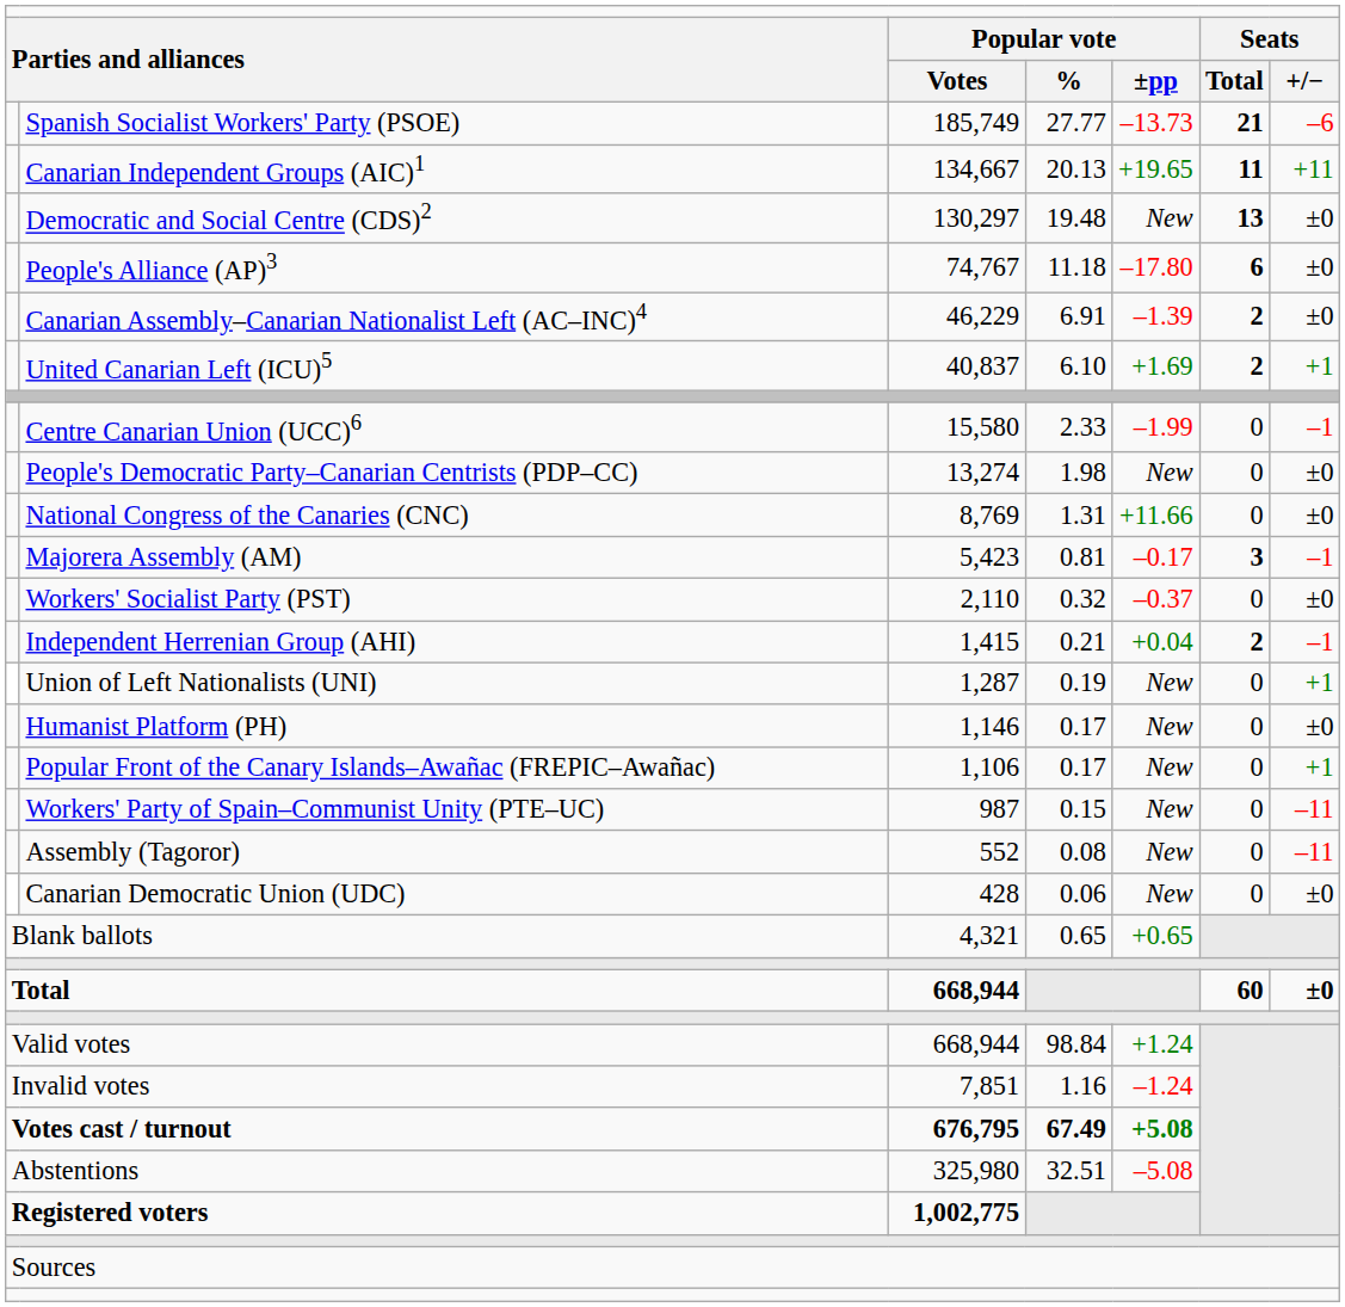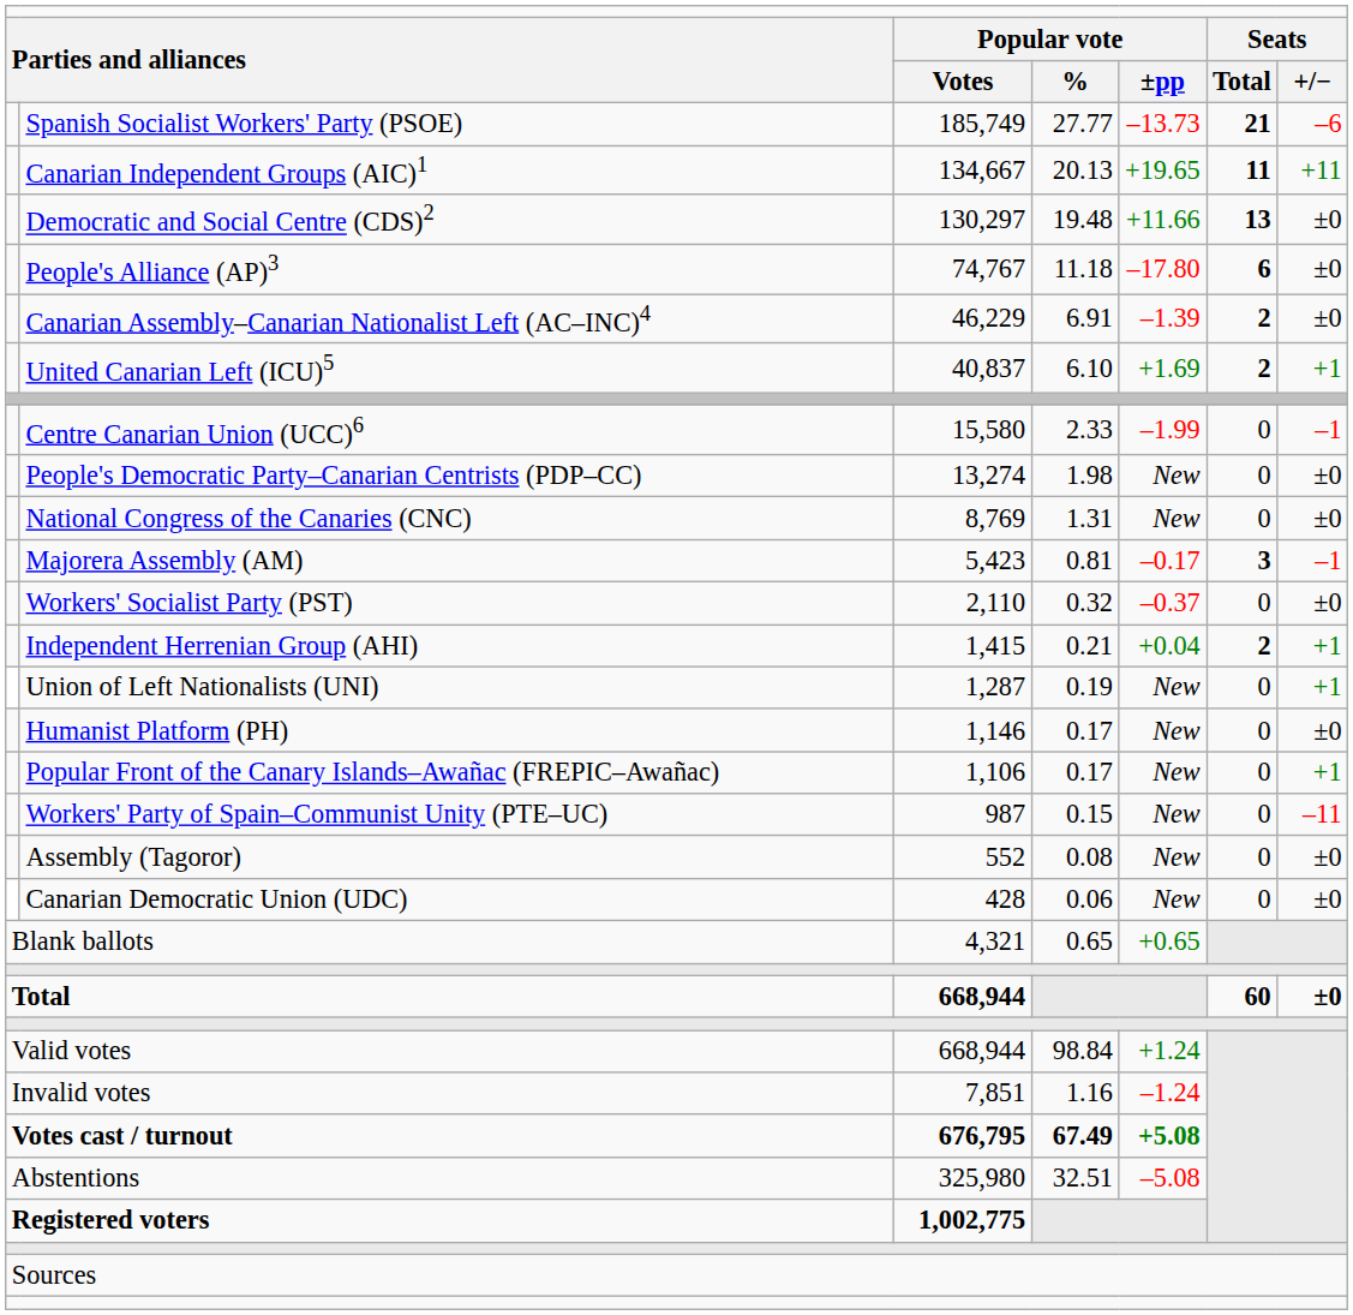 <table class="wikitable" style="text-align:right;">
 <tr>
 <td colspan="7"></td>
 </tr>
 <tr>
 <th style="text-align:left;" rowspan="2" colspan="2" width="525">Parties and alliances</th>
 <th colspan="3">Popular vote</th>
 <th colspan="2">Seats</th>
 </tr>
 <tr>
 <th width="75">Votes</th>
 <th width="45">%</th>
 <th width="45">±<a href='#'>pp</a></th>
 <th width="35">Total</th>
 <th width="35">+/−</th>
 </tr>
 <tr>
 <td width="1" style="color:inherit;background:"></td>
 <td align="left"><a href='#'>Spanish Socialist Workers' Party</a> (PSOE)</td>
 <td>185,749</td>
 <td>27.77</td>
 <td style="color:red;">–13.73</td>
 <td><strong>21</strong></td>
 <td style="color:red;">–6</td>
 </tr>
 <tr>
 <td style="color:inherit;background:"></td>
 <td align="left"><a href='#'>Canarian Independent Groups</a> (AIC)<sup>1</sup></td>
 <td>134,667</td>
 <td>20.13</td>
 <td style="color:green;">+19.65</td>
 <td><strong>11</strong></td>
 <td style="color:green;">+11</td>
 </tr>
 <tr>
 <td style="color:inherit;background:"></td>
 <td align="left"><a href='#'>Democratic and Social Centre</a> (CDS)<sup>2</sup></td>
 <td>130,297</td>
 <td>19.48</td>
-<td><em>New</em></td>
+<td style="color:green;">+11.66</td>
 <td><strong>13</strong></td>
 <td>±0</td>
 </tr>
 <tr>
 <td style="color:inherit;background:"></td>
 <td align="left"><a href='#'>People's Alliance</a> (AP)<sup>3</sup></td>
 <td>74,767</td>
 <td>11.18</td>
 <td style="color:red;">–17.80</td>
 <td><strong>6</strong></td>
 <td>±0</td>
 </tr>
 <tr>
 <td style="color:inherit;background:"></td>
 <td align="left"><a href='#'>Canarian Assembly</a>–<a href='#'>Canarian Nationalist Left</a> (AC–INC)<sup>4</sup></td>
 <td>46,229</td>
 <td>6.91</td>
 <td style="color:red;">–1.39</td>
 <td><strong>2</strong></td>
 <td>±0</td>
 </tr>
 <tr>
 <td style="color:inherit;background:"></td>
 <td align="left"><a href='#'>United Canarian Left</a> (ICU)<sup>5</sup></td>
 <td>40,837</td>
 <td>6.10</td>
 <td style="color:green;">+1.69</td>
 <td><strong>2</strong></td>
 <td style="color:green;">+1</td>
 </tr>
 <tr>
 <td colspan="7" bgcolor="#C0C0C0"></td>
 </tr>
 <tr>
 <td style="color:inherit;background:"></td>
 <td align="left"><a href='#'>Centre Canarian Union</a> (UCC)<sup>6</sup></td>
 <td>15,580</td>
 <td>2.33</td>
 <td style="color:red;">–1.99</td>
 <td>0</td>
 <td style="color:red;">–1</td>
 </tr>
 <tr>
 <td style="color:inherit;background:"></td>
 <td align="left"><a href='#'>People's Democratic Party–Canarian Centrists</a> (PDP–CC)</td>
 <td>13,274</td>
 <td>1.98</td>
 <td><em>New</em></td>
 <td>0</td>
 <td>±0</td>
 </tr>
 <tr>
 <td style="color:inherit;background:"></td>
 <td align="left"><a href='#'>National Congress of the Canaries</a> (CNC)</td>
 <td>8,769</td>
 <td>1.31</td>
-<td style="color:green;">+11.66</td>
+<td><em>New</em></td>
 <td>0</td>
 <td>±0</td>
 </tr>
 <tr>
 <td style="color:inherit;background:"></td>
 <td align="left"><a href='#'>Majorera Assembly</a> (AM)</td>
 <td>5,423</td>
 <td>0.81</td>
 <td style="color:red;">–0.17</td>
 <td><strong>3</strong></td>
 <td style="color:red;">–1</td>
 </tr>
 <tr>
 <td style="color:inherit;background:"></td>
 <td align="left"><a href='#'>Workers' Socialist Party</a> (PST)</td>
 <td>2,110</td>
 <td>0.32</td>
 <td style="color:red;">–0.37</td>
 <td>0</td>
 <td>±0</td>
 </tr>
 <tr>
 <td style="color:inherit;background:"></td>
 <td align="left"><a href='#'>Independent Herrenian Group</a> (AHI)</td>
 <td>1,415</td>
 <td>0.21</td>
 <td style="color:green;">+0.04</td>
 <td><strong>2</strong></td>
-<td style="color:red;">–1</td>
+<td style="color:green;">+1</td>
 </tr>
 <tr>
 <td bgcolor="white"></td>
 <td align="left">Union of Left Nationalists (UNI)</td>
 <td>1,287</td>
 <td>0.19</td>
 <td><em>New</em></td>
 <td>0</td>
 <td style="color:green;">+1</td>
 </tr>
 <tr>
 <td style="color:inherit;background:"></td>
 <td align="left"><a href='#'>Humanist Platform</a> (PH)</td>
 <td>1,146</td>
 <td>0.17</td>
 <td><em>New</em></td>
 <td>0</td>
 <td>±0</td>
 </tr>
 <tr>
 <td style="color:inherit;background:"></td>
 <td align="left"><a href='#'>Popular Front of the Canary Islands–Awañac</a> (FREPIC–Awañac)</td>
 <td>1,106</td>
 <td>0.17</td>
 <td><em>New</em></td>
 <td>0</td>
 <td style="color:green;">+1</td>
 </tr>
 <tr>
 <td style="color:inherit;background:"></td>
 <td align="left"><a href='#'>Workers' Party of Spain–Communist Unity</a> (PTE–UC)</td>
 <td>987</td>
 <td>0.15</td>
 <td><em>New</em></td>
 <td>0</td>
 <td style="color:red;">–11</td>
 </tr>
 <tr>
 <td style="color:inherit;background:"></td>
 <td align="left">Assembly (Tagoror)</td>
 <td>552</td>
 <td>0.08</td>
 <td><em>New</em></td>
 <td>0</td>
-<td style="color:red;">–11</td>
+<td>±0</td>
 </tr>
 <tr>
 <td bgcolor="white"></td>
 <td align="left">Canarian Democratic Union (UDC)</td>
 <td>428</td>
 <td>0.06</td>
 <td><em>New</em></td>
 <td>0</td>
 <td>±0</td>
 </tr>
 <tr>
 <td align="left" colspan="2">Blank ballots</td>
 <td>4,321</td>
 <td>0.65</td>
 <td style="color:green;">+0.65</td>
 <td bgcolor="#E9E9E9" colspan="2"></td>
 </tr>
 <tr>
 <td colspan="7" bgcolor="#E9E9E9"></td>
 </tr>
 <tr style="font-weight:bold;">
 <td align="left" colspan="2">Total</td>
 <td>668,944</td>
 <td bgcolor="#E9E9E9" colspan="2"></td>
 <td>60</td>
 <td>±0</td>
 </tr>
 <tr>
 <td colspan="7" bgcolor="#E9E9E9"></td>
 </tr>
 <tr>
 <td align="left" colspan="2">Valid votes</td>
 <td>668,944</td>
 <td>98.84</td>
 <td style="color:green;">+1.24</td>
 <td bgcolor="#E9E9E9" colspan="2" rowspan="5"></td>
 </tr>
 <tr>
 <td align="left" colspan="2">Invalid votes</td>
 <td>7,851</td>
 <td>1.16</td>
 <td style="color:red;">–1.24</td>
 </tr>
 <tr style="font-weight:bold;">
 <td align="left" colspan="2">Votes cast / turnout</td>
 <td>676,795</td>
 <td>67.49</td>
 <td style="color:green;">+5.08</td>
 </tr>
 <tr>
 <td align="left" colspan="2">Abstentions</td>
 <td>325,980</td>
 <td>32.51</td>
 <td style="color:red;">–5.08</td>
 </tr>
 <tr style="font-weight:bold;">
 <td align="left" colspan="2">Registered voters</td>
 <td>1,002,775</td>
 <td bgcolor="#E9E9E9" colspan="2"></td>
 </tr>
 <tr>
 <td colspan="7" bgcolor="#E9E9E9"></td>
 </tr>
 <tr>
 <td align="left" colspan="7">Sources</td>
 </tr>
 <tr>
 <td colspan="7" style="text-align:left; max-width:790px;"></td>
 </tr>
 </table>
